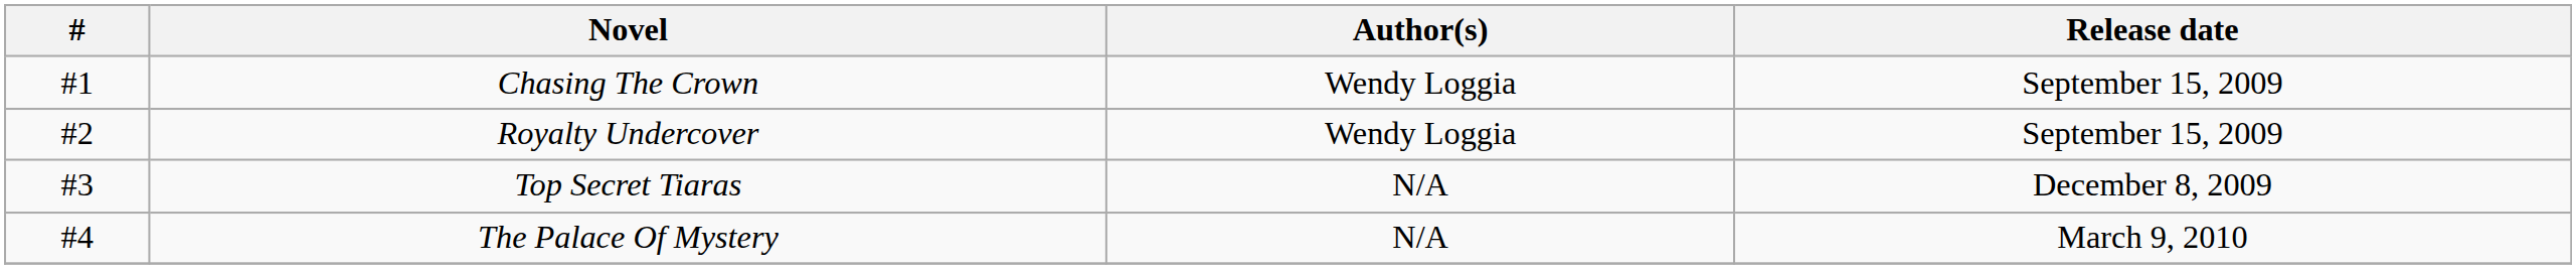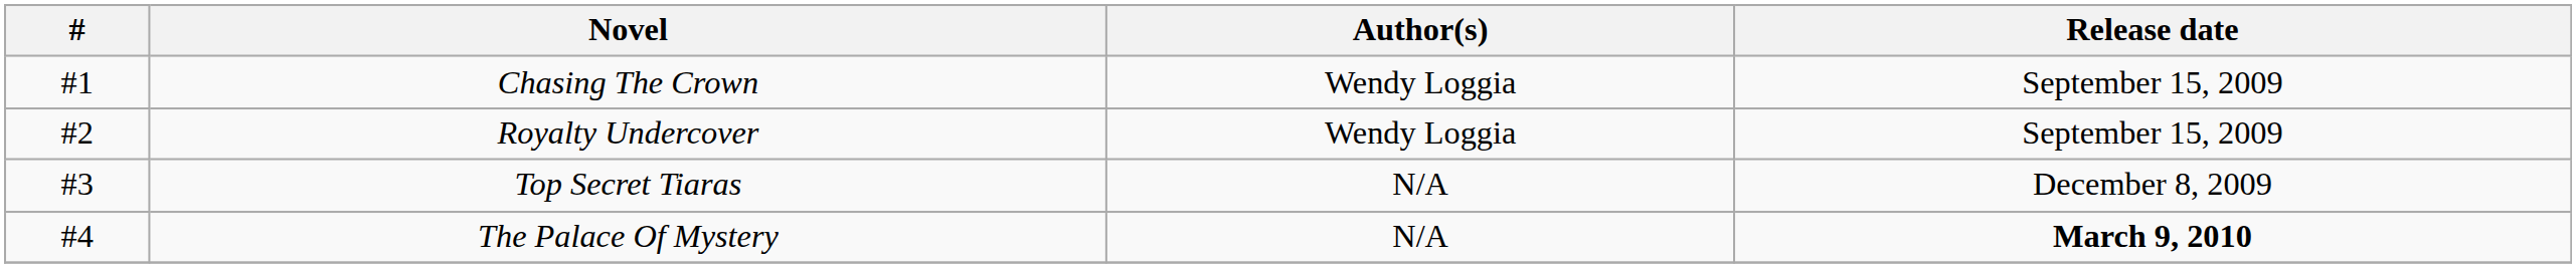 <table class="wikitable sortable" width="100%" border="1" style="font-size: 100%; text-align:center">
 <tr>
 <th>#</th>
 <th>Novel</th>
 <th>Author(s)</th>
 <th>Release date</th>
 </tr>
 <tr>
 <td>#1</td>
 <td><em>Chasing The Crown</em></td>
 <td>Wendy Loggia</td>
 <td>September 15, 2009</td>
 </tr>
 <tr>
 <td>#2</td>
 <td><em>Royalty Undercover</em></td>
 <td>Wendy Loggia</td>
 <td>September 15, 2009</td>
 </tr>
 <tr>
 <td>#3</td>
 <td><em>Top Secret Tiaras</em></td>
 <td>N/A</td>
 <td>December 8, 2009</td>
 </tr>
 <tr>
 <td>#4</td>
 <td><em>The Palace Of Mystery</em></td>
 <td>N/A</td>
-<td>March 9, 2010</td>
+<td><strong>March 9, 2010</strong></td>
 </tr>
 <tr>
 </tr>
 </table>
